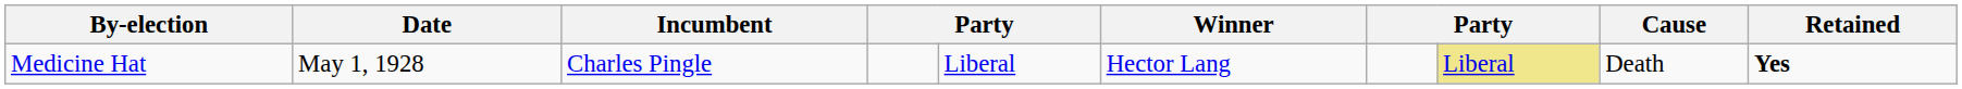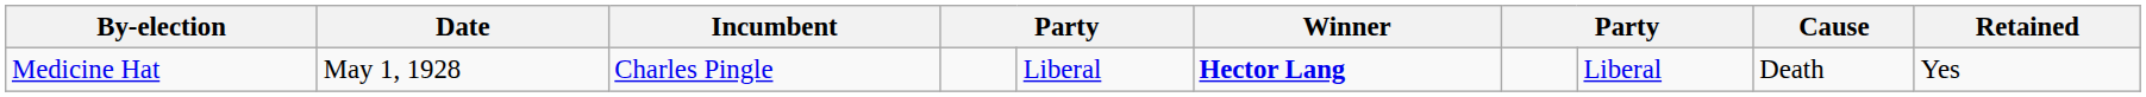 <table class=wikitable style="width:100%">
 <tr>
 <th>By-election</th>
 <th>Date</th>
 <th>Incumbent</th>
 <th colspan=2>Party</th>
 <th>Winner</th>
 <th colspan=2>Party</th>
 <th>Cause</th>
 <th>Retained</th>
 </tr>
 <tr>
 <td><a href='#'>Medicine Hat</a></td>
 <td>May 1, 1928</td>
 <td><a href='#'>Charles Pingle</a></td>
 <td>    </td>
 <td><a href='#'>Liberal</a></td>
-<td><a href='#'>Hector Lang</a></td>
+<td><strong><a href='#'>Hector Lang</a></strong></td>
 <td>    </td>
-<td style="background: khaki;"><a href='#'>Liberal</a></td>
+<td><a href='#'>Liberal</a></td>
 <td>Death</td>
-<td><strong>Yes</strong></td>
+<td>Yes</td>
 </tr>
 </table>
